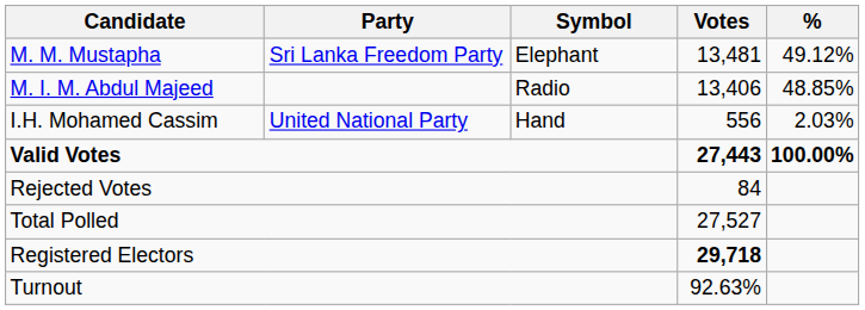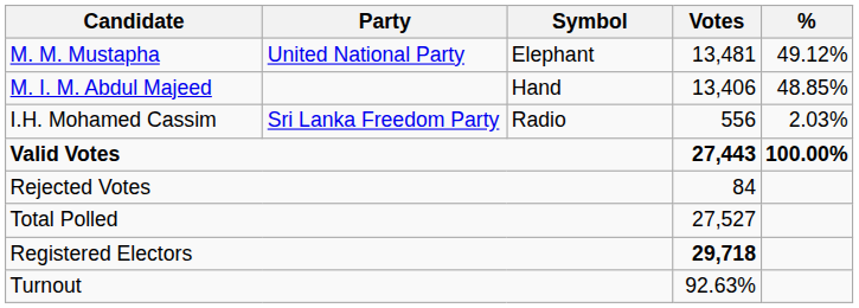 <table class="wikitable" border="1" style="text-align:right;">
 <tr>
 <th align=left width="190">Candidate</th>
 <th align=left width="180">Party</th>
 <th align=left width="120">Symbol</th>
 <th align=left width="60">Votes</th>
 <th align=left width="60">%</th>
 </tr>
 <tr>
 <td align=left><a href='#'>M. M. Mustapha</a></td>
-<td align=left><a href='#'>Sri Lanka Freedom Party</a></td>
+<td align=left><a href='#'>United National Party</a></td>
 <td align=left>Elephant</td>
 <td>13,481</td>
 <td>49.12%</td>
 </tr>
 <tr>
 <td align=left><a href='#'>M. I. M. Abdul Majeed</a></td>
 <td></td>
-<td align=left>Radio</td>
+<td align=left>Hand</td>
 <td>13,406</td>
 <td>48.85%</td>
 </tr>
 <tr>
 <td align=left>I.H. Mohamed Cassim</td>
-<td align=left><a href='#'>United National Party</a></td>
-<td align=left>Hand</td>
+<td align=left><a href='#'>Sri Lanka Freedom Party</a></td>
+<td align=left>Radio</td>
 <td>556</td>
 <td>2.03%</td>
 </tr>
 <tr>
 <td align=left colspan=3><strong>Valid Votes</strong></td>
 <td><strong>27,443</strong></td>
 <td><strong>100.00%</strong></td>
 </tr>
 <tr>
 <td align=left colspan=3>Rejected Votes</td>
 <td>84</td>
 <td></td>
 </tr>
 <tr>
 <td align=left colspan=3>Total Polled</td>
 <td>27,527</td>
 <td></td>
 </tr>
 <tr>
 <td align=left colspan=3>Registered Electors</td>
 <td><strong>29,718</strong></td>
 <td></td>
 </tr>
 <tr>
 <td align=left colspan=3>Turnout</td>
 <td>92.63%</td>
 </tr>
 </table>
